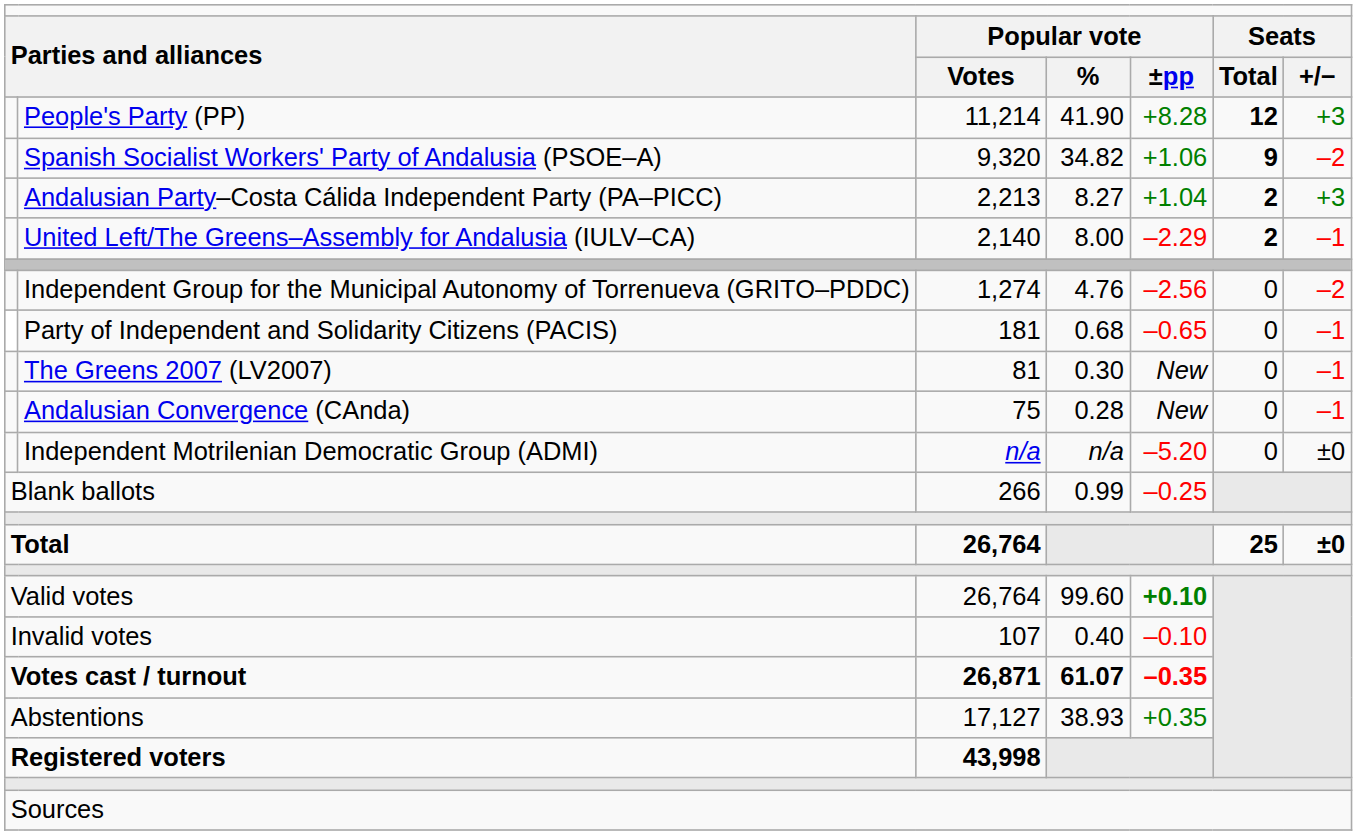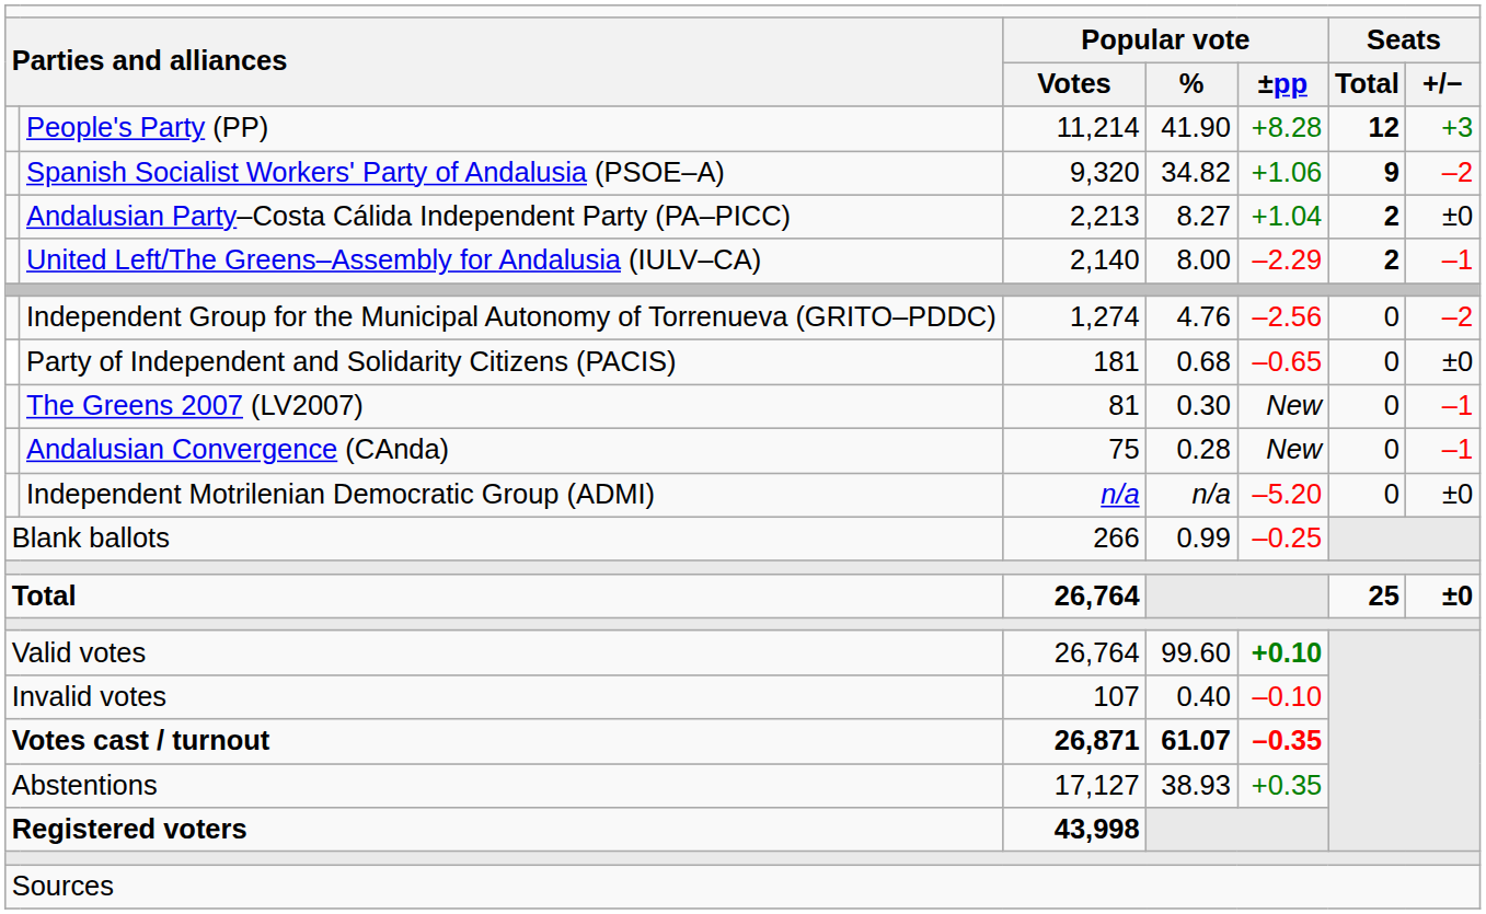 <table class="wikitable" style="text-align:right;">
 <tr>
 <td colspan="7"></td>
 </tr>
 <tr>
 <th style="text-align:left;" rowspan="2" colspan="2" width="525">Parties and alliances</th>
 <th colspan="3">Popular vote</th>
 <th colspan="2">Seats</th>
 </tr>
 <tr>
 <th width="75">Votes</th>
 <th width="45">%</th>
 <th width="45">±<a href='#'>pp</a></th>
 <th width="35">Total</th>
 <th width="35">+/−</th>
 </tr>
 <tr>
 <td width="1" style="color:inherit;background:"></td>
 <td align="left"><a href='#'>People's Party</a> (PP)</td>
 <td>11,214</td>
 <td>41.90</td>
 <td style="color:green;">+8.28</td>
 <td><strong>12</strong></td>
 <td style="color:green;">+3</td>
 </tr>
 <tr>
 <td style="color:inherit;background:"></td>
 <td align="left"><a href='#'>Spanish Socialist Workers' Party of Andalusia</a> (PSOE–A)</td>
 <td>9,320</td>
 <td>34.82</td>
 <td style="color:green;">+1.06</td>
 <td><strong>9</strong></td>
 <td style="color:red;">–2</td>
 </tr>
 <tr>
 <td style="color:inherit;background:"></td>
 <td align="left"><a href='#'>Andalusian Party</a>–Costa Cálida Independent Party (PA–PICC)</td>
 <td>2,213</td>
 <td>8.27</td>
 <td style="color:green;">+1.04</td>
 <td><strong>2</strong></td>
-<td style="color:green;">+3</td>
+<td>±0</td>
 </tr>
 <tr>
 <td style="color:inherit;background:"></td>
 <td align="left"><a href='#'>United Left/The Greens–Assembly for Andalusia</a> (IULV–CA)</td>
 <td>2,140</td>
 <td>8.00</td>
 <td style="color:red;">–2.29</td>
 <td><strong>2</strong></td>
 <td style="color:red;">–1</td>
 </tr>
 <tr>
 <td colspan="7" bgcolor="#C0C0C0"></td>
 </tr>
 <tr>
 <td style="color:inherit;background:"></td>
 <td align="left">Independent Group for the Municipal Autonomy of Torrenueva (GRITO–PDDC)</td>
 <td>1,274</td>
 <td>4.76</td>
 <td style="color:red;">–2.56</td>
 <td>0</td>
 <td style="color:red;">–2</td>
 </tr>
 <tr>
 <td bgcolor="white"></td>
 <td align="left">Party of Independent and Solidarity Citizens (PACIS)</td>
 <td>181</td>
 <td>0.68</td>
 <td style="color:red;">–0.65</td>
 <td>0</td>
-<td style="color:red;">–1</td>
+<td>±0</td>
 </tr>
 <tr>
 <td style="color:inherit;background:"></td>
 <td align="left"><a href='#'>The Greens 2007</a> (LV2007)</td>
 <td>81</td>
 <td>0.30</td>
 <td><em>New</em></td>
 <td>0</td>
 <td style="color:red;">–1</td>
 </tr>
 <tr>
 <td style="color:inherit;background:"></td>
 <td align="left"><a href='#'>Andalusian Convergence</a> (CAnda)</td>
 <td>75</td>
 <td>0.28</td>
 <td><em>New</em></td>
 <td>0</td>
 <td style="color:red;">–1</td>
 </tr>
 <tr>
 <td style="color:inherit;background:"></td>
 <td align="left">Independent Motrilenian Democratic Group (ADMI)</td>
 <td><em><a href='#'>n/a</a></em></td>
 <td><em>n/a</em></td>
 <td style="color:red;">–5.20</td>
 <td>0</td>
 <td>±0</td>
 </tr>
 <tr>
 <td align="left" colspan="2">Blank ballots</td>
 <td>266</td>
 <td>0.99</td>
 <td style="color:red;">–0.25</td>
 <td bgcolor="#E9E9E9" colspan="2"></td>
 </tr>
 <tr>
 <td colspan="7" bgcolor="#E9E9E9"></td>
 </tr>
 <tr style="font-weight:bold;">
 <td align="left" colspan="2">Total</td>
 <td>26,764</td>
 <td bgcolor="#E9E9E9" colspan="2"></td>
 <td>25</td>
 <td>±0</td>
 </tr>
 <tr>
 <td colspan="7" bgcolor="#E9E9E9"></td>
 </tr>
 <tr>
 <td align="left" colspan="2">Valid votes</td>
 <td>26,764</td>
 <td>99.60</td>
 <td style="color:green;"><strong>+0.10</strong></td>
 <td bgcolor="#E9E9E9" colspan="2" rowspan="5"></td>
 </tr>
 <tr>
 <td align="left" colspan="2">Invalid votes</td>
 <td>107</td>
 <td>0.40</td>
 <td style="color:red;">–0.10</td>
 </tr>
 <tr style="font-weight:bold;">
 <td align="left" colspan="2">Votes cast / turnout</td>
 <td>26,871</td>
 <td>61.07</td>
 <td style="color:red;">–0.35</td>
 </tr>
 <tr>
 <td align="left" colspan="2">Abstentions</td>
 <td>17,127</td>
 <td>38.93</td>
 <td style="color:green;">+0.35</td>
 </tr>
 <tr style="font-weight:bold;">
 <td align="left" colspan="2">Registered voters</td>
 <td>43,998</td>
 <td bgcolor="#E9E9E9" colspan="2"></td>
 </tr>
 <tr>
 <td colspan="7" bgcolor="#E9E9E9"></td>
 </tr>
 <tr>
 <td align="left" colspan="7">Sources</td>
 </tr>
 </table>
